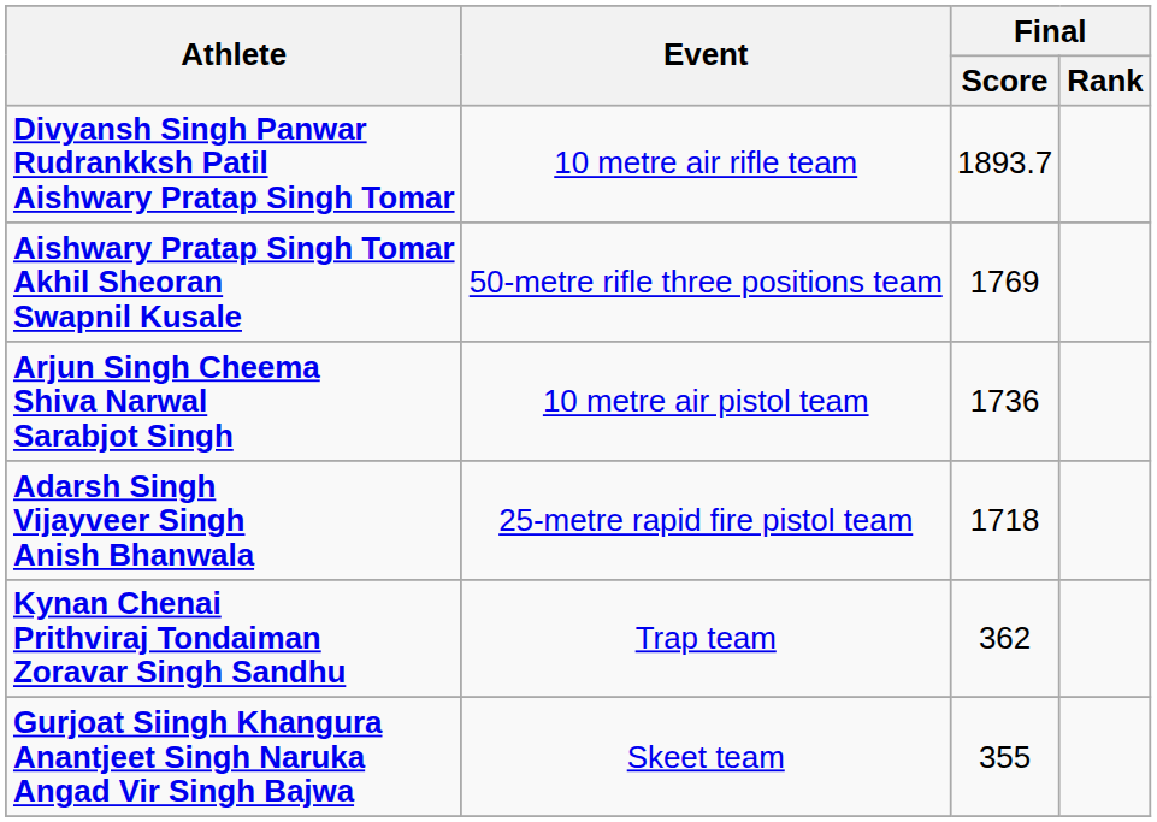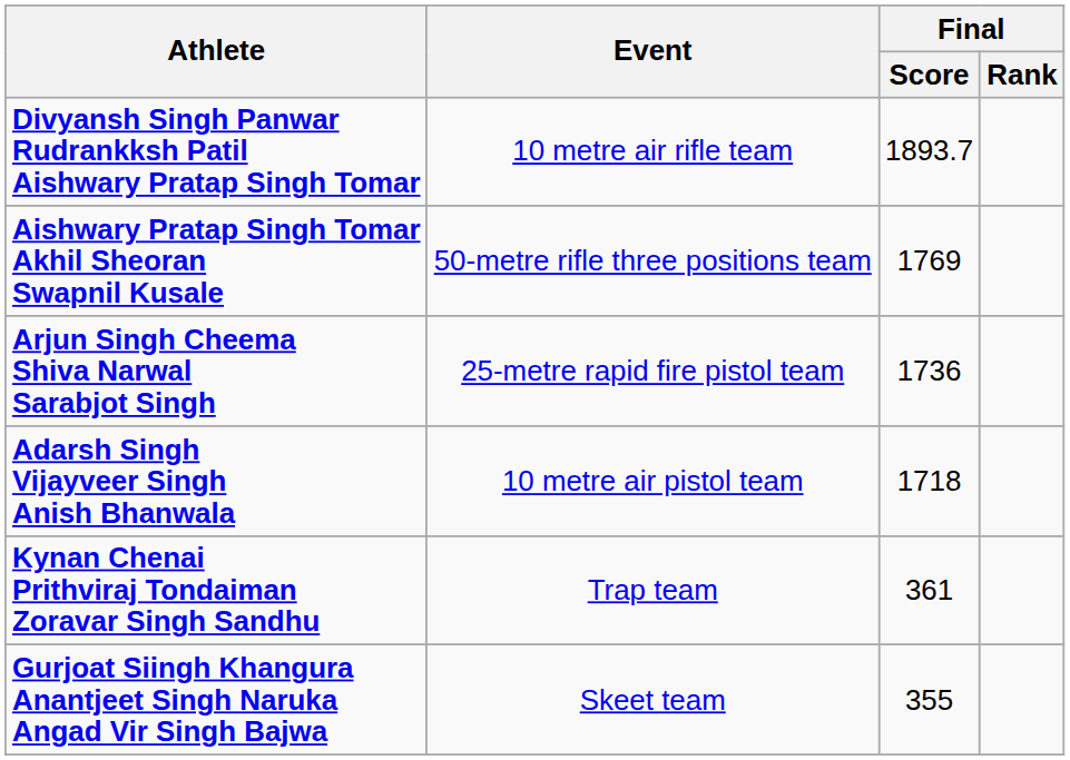 <table class="wikitable" style="text-align:center; font-size:90%">
 <tr>
 <th rowspan="2">Athlete</th>
 <th rowspan="2">Event</th>
 <th colspan="2">Final</th>
 </tr>
 <tr>
 <th>Score</th>
 <th>Rank</th>
 </tr>
 <tr>
 <td style="text-align:left"><strong><a href='#'>Divyansh Singh Panwar</a><br><a href='#'>Rudrankksh Patil</a><br><a href='#'>Aishwary Pratap Singh Tomar</a></strong></td>
 <td><a href='#'>10 metre air rifle team</a></td>
 <td>1893.7<br><strong></strong></td>
 <td><strong></strong></td>
 </tr>
 <tr>
 <td style="text-align:left"><strong><a href='#'>Aishwary Pratap Singh Tomar</a><br><a href='#'>Akhil Sheoran</a><br><a href='#'>Swapnil Kusale</a></strong></td>
 <td><a href='#'>50-metre rifle three positions team</a></td>
 <td>1769<br><strong></strong></td>
 <td><strong></strong></td>
 </tr>
 <tr>
 <td style="text-align:left"><strong><a href='#'>Arjun Singh Cheema</a><br><a href='#'>Shiva Narwal</a><br><a href='#'>Sarabjot Singh</a></strong></td>
-<td><a href='#'>10 metre air pistol team</a></td>
+<td><a href='#'>25-metre rapid fire pistol team</a></td>
 <td>1736</td>
 <td><strong></strong></td>
 </tr>
 <tr>
 <td style="text-align:left"><strong><a href='#'>Adarsh Singh</a><br><a href='#'>Vijayveer Singh</a><br><a href='#'>Anish Bhanwala</a></strong></td>
-<td><a href='#'>25-metre rapid fire pistol team</a></td>
+<td><a href='#'>10 metre air pistol team</a></td>
 <td>1718</td>
 <td><strong></strong></td>
 </tr>
 <tr>
 <td align=left><strong><a href='#'>Kynan Chenai</a><br><a href='#'>Prithviraj Tondaiman</a><br><a href='#'>Zoravar Singh Sandhu</a></strong></td>
 <td><a href='#'>Trap team</a></td>
-<td>362<br><strong></strong></td>
+<td>361<br><strong></strong></td>
 <td><strong></strong></td>
 </tr>
 <tr>
 <td align=left><strong><a href='#'>Gurjoat Siingh Khangura</a><br><a href='#'>Anantjeet Singh Naruka</a><br><a href='#'>Angad Vir Singh Bajwa</a></strong></td>
 <td><a href='#'>Skeet team</a></td>
 <td>355</td>
 <td><strong></strong></td>
 </tr>
 </table>
